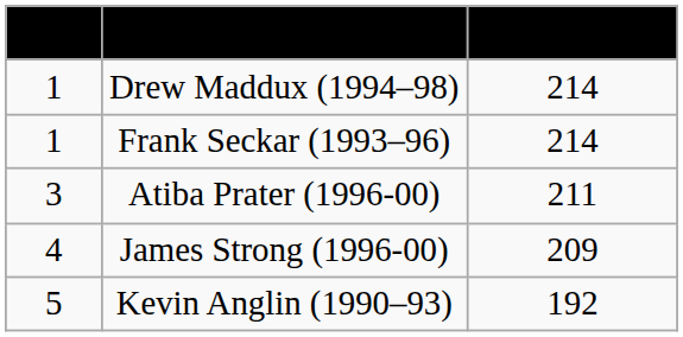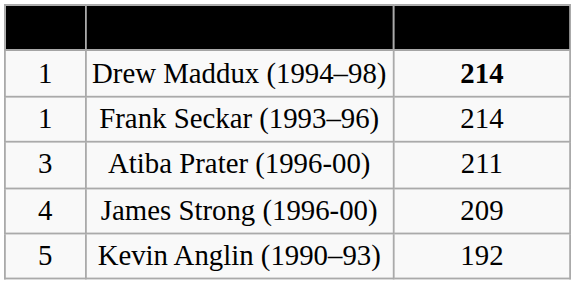 <table class="wikitable" style="text-align: center;">
 <tr>
 <td bgcolor="black"><span><strong>Rank</strong></span></td>
 <td bgcolor="black"><span><strong>Player</strong></span></td>
 <td bgcolor="black"><span><strong>Career Steals</strong></span></td>
 </tr>
 <tr align="center">
 </tr>
 <tr>
 <td>1</td>
 <td>Drew Maddux (1994–98)</td>
-<td>214</td>
+<td><strong>214</strong></td>
 </tr>
 <tr>
 <td>1</td>
 <td>Frank Seckar (1993–96)</td>
 <td>214</td>
 </tr>
 <tr>
 <td>3</td>
 <td>Atiba Prater (1996-00)</td>
 <td>211</td>
 </tr>
 <tr>
 <td>4</td>
 <td>James Strong (1996-00)</td>
 <td>209</td>
 </tr>
 <tr>
 <td>5</td>
 <td>Kevin Anglin (1990–93)</td>
 <td>192</td>
 </tr>
 </table>
